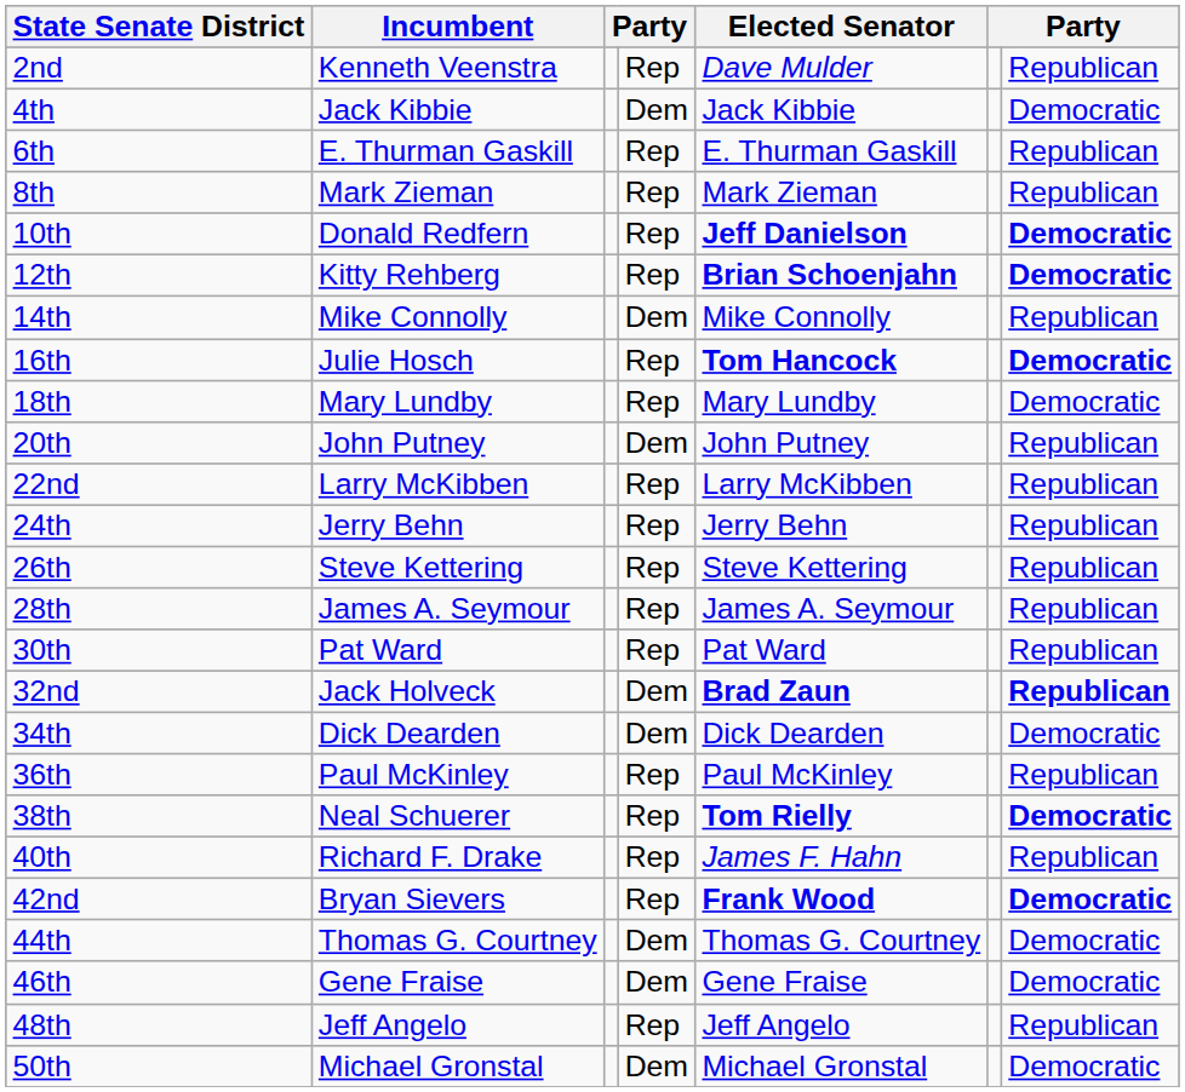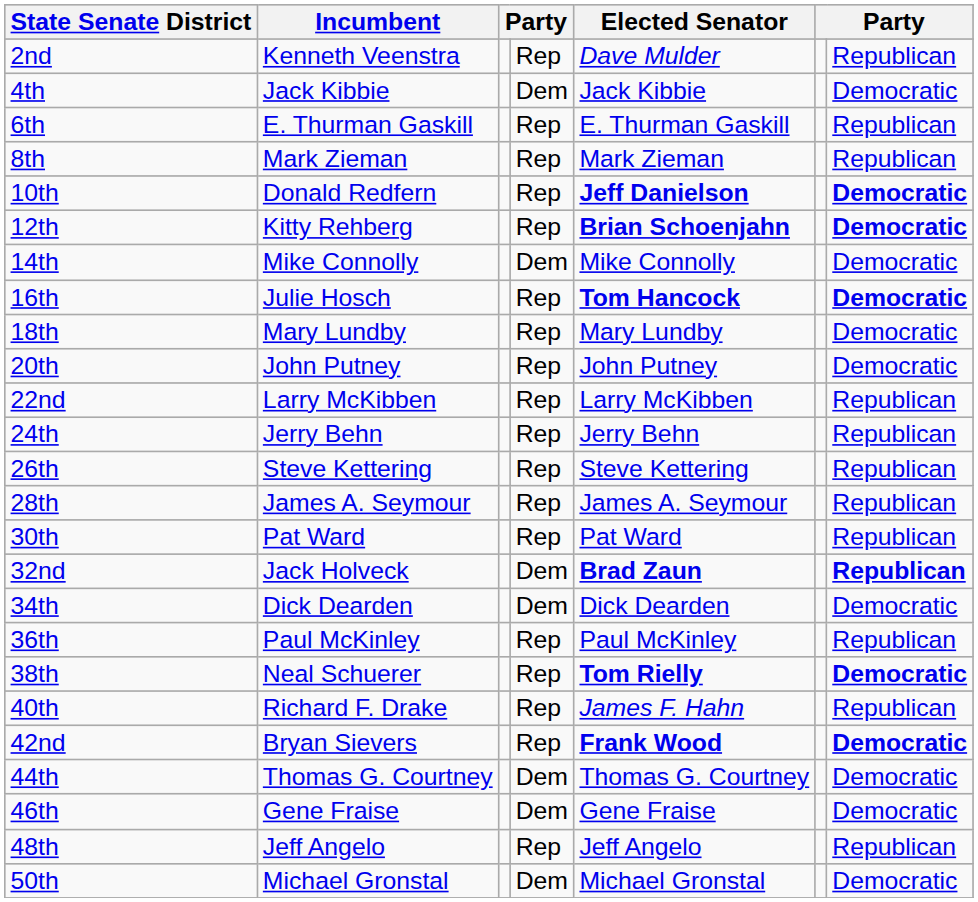 <table class="sortable wikitable" style="font-size:95%;line-height:14px;">
 <tr>
 <th class="unsortable"><a href='#'>State Senate</a> District</th>
 <th class="unsortable"><a href='#'>Incumbent</a></th>
 <th colspan="2">Party</th>
 <th class="unsortable">Elected Senator</th>
 <th colspan="2">Party</th>
 </tr>
 <tr>
 <td><a href='#'>2nd</a></td>
 <td><a href='#'>Kenneth Veenstra</a></td>
 <td style="background:"></td>
 <td>Rep</td>
 <td><em><a href='#'>Dave Mulder</a></em></td>
 <td style="background:"></td>
 <td><a href='#'>Republican</a></td>
 </tr>
 <tr>
 <td><a href='#'>4th</a></td>
 <td><a href='#'>Jack Kibbie</a></td>
 <td style="background:"></td>
 <td>Dem</td>
 <td><a href='#'>Jack Kibbie</a></td>
 <td style="background:"></td>
 <td><a href='#'>Democratic</a></td>
 </tr>
 <tr>
 <td><a href='#'>6th</a></td>
 <td><a href='#'>E. Thurman Gaskill</a></td>
 <td style="background:"></td>
 <td>Rep</td>
 <td><a href='#'>E. Thurman Gaskill</a></td>
 <td style="background:"></td>
 <td><a href='#'>Republican</a></td>
 </tr>
 <tr>
 <td><a href='#'>8th</a></td>
 <td><a href='#'>Mark Zieman</a></td>
 <td style="background:"></td>
 <td>Rep</td>
 <td><a href='#'>Mark Zieman</a></td>
 <td style="background:"></td>
 <td><a href='#'>Republican</a></td>
 </tr>
 <tr>
 <td><a href='#'>10th</a></td>
 <td><a href='#'>Donald Redfern</a></td>
 <td style="background:"></td>
 <td>Rep</td>
 <td><strong><a href='#'>Jeff Danielson</a></strong></td>
 <td style="background:"></td>
 <td><strong><a href='#'>Democratic</a></strong></td>
 </tr>
 <tr>
 <td><a href='#'>12th</a></td>
 <td><a href='#'>Kitty Rehberg</a></td>
 <td style="background:"></td>
 <td>Rep</td>
 <td><strong><a href='#'>Brian Schoenjahn</a></strong></td>
 <td style="background:"></td>
 <td><strong><a href='#'>Democratic</a></strong></td>
 </tr>
 <tr>
 <td><a href='#'>14th</a></td>
 <td><a href='#'>Mike Connolly</a></td>
 <td style="background:"></td>
 <td>Dem</td>
 <td><a href='#'>Mike Connolly</a></td>
 <td style="background:"></td>
-<td><a href='#'>Republican</a></td>
+<td><a href='#'>Democratic</a></td>
 </tr>
 <tr>
 <td><a href='#'>16th</a></td>
 <td><a href='#'>Julie Hosch</a></td>
 <td style="background:"></td>
 <td>Rep</td>
 <td><strong><a href='#'>Tom Hancock</a></strong></td>
 <td style="background:"></td>
 <td><strong><a href='#'>Democratic</a></strong></td>
 </tr>
 <tr>
 <td><a href='#'>18th</a></td>
 <td><a href='#'>Mary Lundby</a></td>
 <td style="background:"></td>
 <td>Rep</td>
 <td><a href='#'>Mary Lundby</a></td>
 <td style="background:"></td>
 <td><a href='#'>Democratic</a></td>
 </tr>
 <tr>
 <td><a href='#'>20th</a></td>
 <td><a href='#'>John Putney</a></td>
 <td style="background:"></td>
-<td>Dem</td>
+<td>Rep</td>
 <td><a href='#'>John Putney</a></td>
 <td style="background:"></td>
-<td><a href='#'>Republican</a></td>
+<td><a href='#'>Democratic</a></td>
 </tr>
 <tr>
 <td><a href='#'>22nd</a></td>
 <td><a href='#'>Larry McKibben</a></td>
 <td style="background:"></td>
 <td>Rep</td>
 <td><a href='#'>Larry McKibben</a></td>
 <td style="background:"></td>
 <td><a href='#'>Republican</a></td>
 </tr>
 <tr>
 <td><a href='#'>24th</a></td>
 <td><a href='#'>Jerry Behn</a></td>
 <td style="background:"></td>
 <td>Rep</td>
 <td><a href='#'>Jerry Behn</a></td>
 <td style="background:"></td>
 <td><a href='#'>Republican</a></td>
 </tr>
 <tr>
 <td><a href='#'>26th</a></td>
 <td><a href='#'>Steve Kettering</a></td>
 <td style="background:"></td>
 <td>Rep</td>
 <td><a href='#'>Steve Kettering</a></td>
 <td style="background:"></td>
 <td><a href='#'>Republican</a></td>
 </tr>
 <tr>
 <td><a href='#'>28th</a></td>
 <td><a href='#'>James A. Seymour</a></td>
 <td style="background:"></td>
 <td>Rep</td>
 <td><a href='#'>James A. Seymour</a></td>
 <td style="background:"></td>
 <td><a href='#'>Republican</a></td>
 </tr>
 <tr>
 <td><a href='#'>30th</a></td>
 <td><a href='#'>Pat Ward</a></td>
 <td style="background:"></td>
 <td>Rep</td>
 <td><a href='#'>Pat Ward</a></td>
 <td style="background:"></td>
 <td><a href='#'>Republican</a></td>
 </tr>
 <tr>
 <td><a href='#'>32nd</a></td>
 <td><a href='#'>Jack Holveck</a></td>
 <td style="background:"></td>
 <td>Dem</td>
 <td><strong><a href='#'>Brad Zaun</a></strong></td>
 <td style="background:"></td>
 <td><strong><a href='#'>Republican</a></strong></td>
 </tr>
 <tr>
 <td><a href='#'>34th</a></td>
 <td><a href='#'>Dick Dearden</a></td>
 <td style="background:"></td>
 <td>Dem</td>
 <td><a href='#'>Dick Dearden</a></td>
 <td style="background:"></td>
 <td><a href='#'>Democratic</a></td>
 </tr>
 <tr>
 <td><a href='#'>36th</a></td>
 <td><a href='#'>Paul McKinley</a></td>
 <td style="background:"></td>
 <td>Rep</td>
 <td><a href='#'>Paul McKinley</a></td>
 <td style="background:"></td>
 <td><a href='#'>Republican</a></td>
 </tr>
 <tr>
 <td><a href='#'>38th</a></td>
 <td><a href='#'>Neal Schuerer</a></td>
 <td style="background:"></td>
 <td>Rep</td>
 <td><strong><a href='#'>Tom Rielly</a></strong></td>
 <td style="background:"></td>
 <td><strong><a href='#'>Democratic</a></strong></td>
 </tr>
 <tr>
 <td><a href='#'>40th</a></td>
 <td><a href='#'>Richard F. Drake</a></td>
 <td style="background:"></td>
 <td>Rep</td>
 <td><em><a href='#'>James F. Hahn</a></em></td>
 <td style="background:"></td>
 <td><a href='#'>Republican</a></td>
 </tr>
 <tr>
 <td><a href='#'>42nd</a></td>
 <td><a href='#'>Bryan Sievers</a></td>
 <td style="background:"></td>
 <td>Rep</td>
 <td><strong><a href='#'>Frank Wood</a></strong></td>
 <td style="background:"></td>
 <td><strong><a href='#'>Democratic</a></strong></td>
 </tr>
 <tr>
 <td><a href='#'>44th</a></td>
 <td><a href='#'>Thomas G. Courtney</a></td>
 <td style="background:"></td>
 <td>Dem</td>
 <td><a href='#'>Thomas G. Courtney</a></td>
 <td style="background:"></td>
 <td><a href='#'>Democratic</a></td>
 </tr>
 <tr>
 <td><a href='#'>46th</a></td>
 <td><a href='#'>Gene Fraise</a></td>
 <td style="background:"></td>
 <td>Dem</td>
 <td><a href='#'>Gene Fraise</a></td>
 <td style="background:"></td>
 <td><a href='#'>Democratic</a></td>
 </tr>
 <tr>
 <td><a href='#'>48th</a></td>
 <td><a href='#'>Jeff Angelo</a></td>
 <td style="background:"></td>
 <td>Rep</td>
 <td><a href='#'>Jeff Angelo</a></td>
 <td style="background:"></td>
 <td><a href='#'>Republican</a></td>
 </tr>
 <tr>
 <td><a href='#'>50th</a></td>
 <td><a href='#'>Michael Gronstal</a></td>
 <td style="background:"></td>
 <td>Dem</td>
 <td><a href='#'>Michael Gronstal</a></td>
 <td style="background:"></td>
 <td><a href='#'>Democratic</a></td>
 </tr>
 <tr>
 </tr>
 </table>
